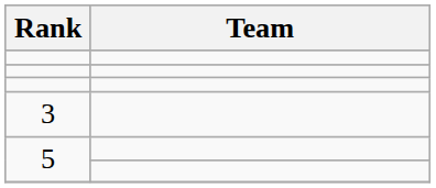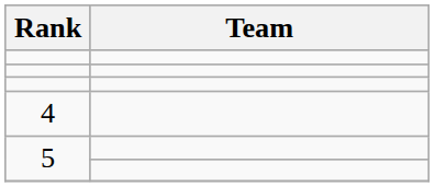 <table class="wikitable" style="text-align:center;">
 <tr>
 <th width=40>Rank</th>
 <th width=180>Team</th>
 </tr>
 <tr>
 <td></td>
 <td align=left></td>
 </tr>
 <tr>
 <td></td>
 <td align=left></td>
 </tr>
 <tr>
 <td></td>
 <td align=left></td>
 </tr>
 <tr>
-<td>3</td>
+<td>4</td>
 <td align=left></td>
 </tr>
 <tr>
 <td rowspan=2>5</td>
 <td align=left></td>
 </tr>
 <tr>
 <td align=left></td>
 </tr>
 <tr>
 </tr>
 </table>
